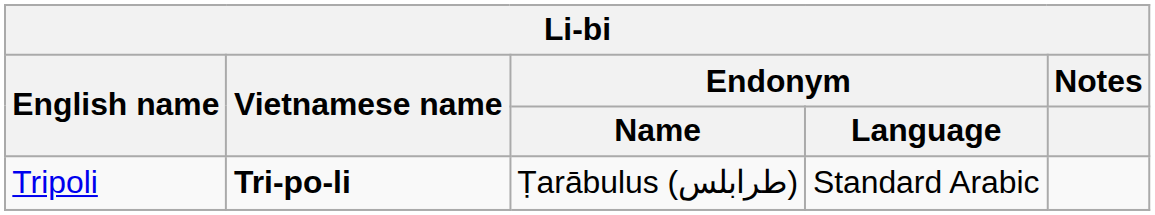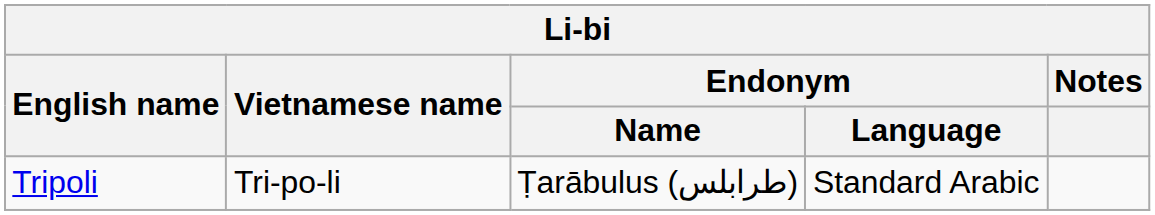 <table class="wikitable sortable">
 <tr>
 <th colspan="5"> Li-bi</th>
 </tr>
 <tr>
 <th rowspan="2">English name</th>
 <th rowspan="2">Vietnamese name</th>
 <th colspan="2">Endonym</th>
 <th>Notes</th>
 </tr>
 <tr>
 <th>Name</th>
 <th>Language</th>
 <th></th>
 </tr>
 <tr>
 <td><a href='#'>Tripoli</a></td>
-<td><strong>Tri-po-li</strong></td>
+<td>Tri-po-li</td>
 <td>Ṭarābulus (طرابلس)</td>
 <td>Standard Arabic</td>
 <td></td>
 </tr>
 </table>
